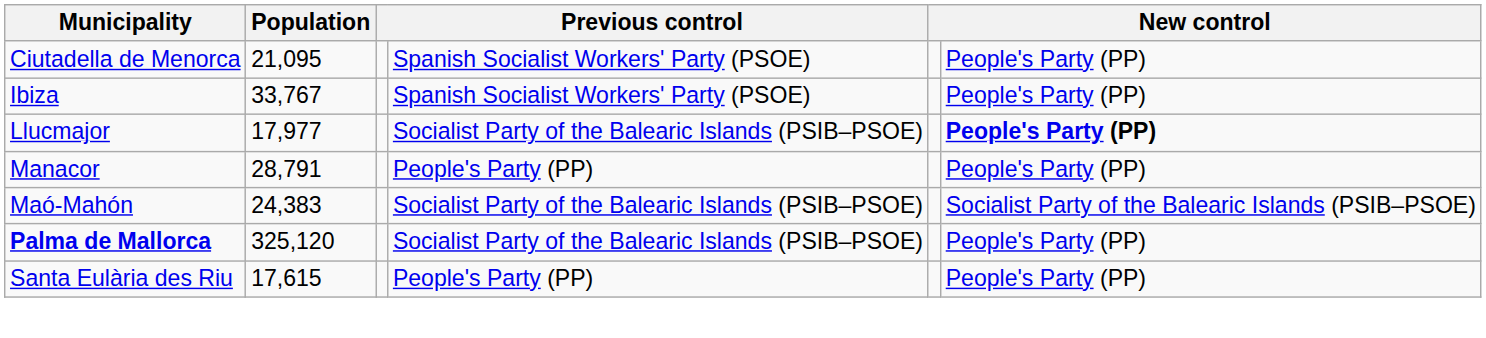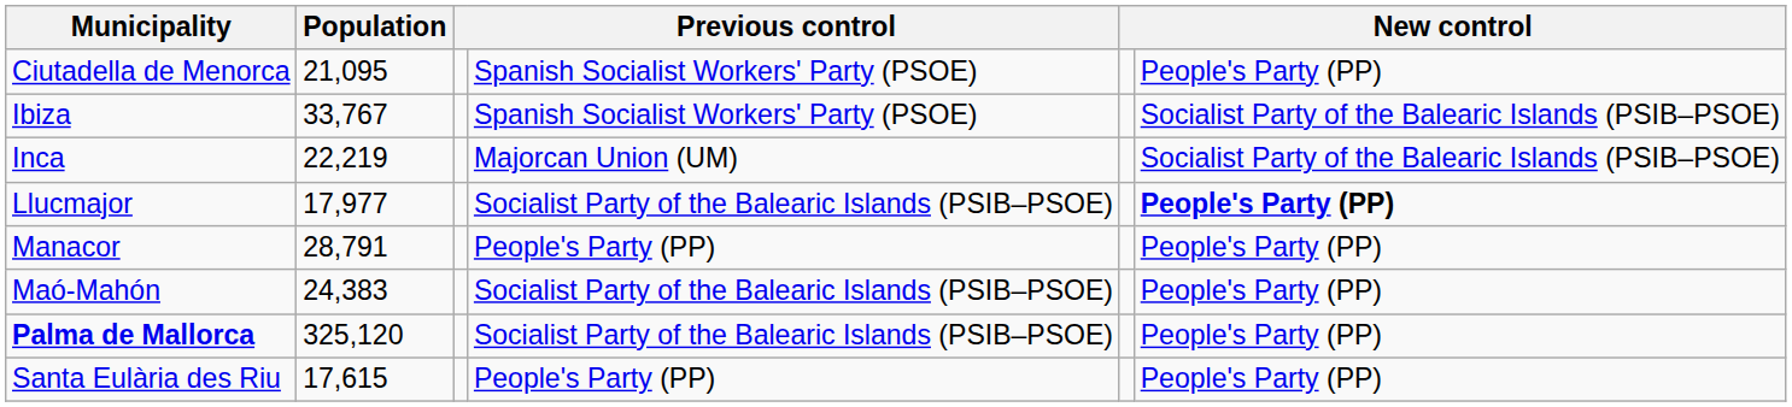 <table class="wikitable sortable">
 <tr>
 <th>Municipality</th>
 <th>Population</th>
 <th colspan="2" style="width:375px;">Previous control</th>
 <th colspan="2" style="width:375px;">New control</th>
 </tr>
 <tr>
 <td><a href='#'>Ciutadella de Menorca</a></td>
 <td>21,095</td>
 <td width="1" style="color:inherit;background:"></td>
 <td><a href='#'>Spanish Socialist Workers' Party</a> (PSOE)</td>
 <td width="1" style="color:inherit;background:"></td>
 <td><a href='#'>People's Party</a> (PP)</td>
 </tr>
 <tr>
 <td><a href='#'>Ibiza</a></td>
 <td>33,767</td>
 <td style="color:inherit;background:"></td>
 <td><a href='#'>Spanish Socialist Workers' Party</a> (PSOE)</td>
 <td style="color:inherit;background:"></td>
-<td><a href='#'>People's Party</a> (PP)</td>
+<td><a href='#'>Socialist Party of the Balearic Islands</a> (PSIB–PSOE)</td>
+</tr>
+<tr>
+<td><a href='#'>Inca</a></td>
+<td>22,219</td>
+<td style="color:inherit;background:"></td>
+<td><a href='#'>Majorcan Union</a> (UM)</td>
+<td style="color:inherit;background:"></td>
+<td><a href='#'>Socialist Party of the Balearic Islands</a> (PSIB–PSOE)</td>
 </tr>
 <tr>
 <td><a href='#'>Llucmajor</a></td>
 <td>17,977</td>
 <td style="color:inherit;background:"></td>
 <td><a href='#'>Socialist Party of the Balearic Islands</a> (PSIB–PSOE)</td>
 <td style="color:inherit;background:"></td>
 <td><strong><a href='#'>People's Party</a> (PP)</strong></td>
 </tr>
 <tr>
 <td><a href='#'>Manacor</a></td>
 <td>28,791</td>
 <td style="color:inherit;background:"></td>
 <td><a href='#'>People's Party</a> (PP)</td>
 <td style="color:inherit;background:"></td>
 <td><a href='#'>People's Party</a> (PP)</td>
 </tr>
 <tr>
 <td><a href='#'>Maó-Mahón</a></td>
 <td>24,383</td>
 <td style="color:inherit;background:"></td>
 <td><a href='#'>Socialist Party of the Balearic Islands</a> (PSIB–PSOE)</td>
 <td style="color:inherit;background:"></td>
-<td><a href='#'>Socialist Party of the Balearic Islands</a> (PSIB–PSOE)</td>
+<td><a href='#'>People's Party</a> (PP)</td>
 </tr>
 <tr>
 <td><strong><a href='#'>Palma de Mallorca</a></strong></td>
 <td>325,120</td>
 <td style="color:inherit;background:"></td>
 <td><a href='#'>Socialist Party of the Balearic Islands</a> (PSIB–PSOE)</td>
 <td style="color:inherit;background:"></td>
 <td><a href='#'>People's Party</a> (PP)</td>
 </tr>
 <tr>
 <td><a href='#'>Santa Eulària des Riu</a></td>
 <td>17,615</td>
 <td style="color:inherit;background:"></td>
 <td><a href='#'>People's Party</a> (PP)</td>
 <td style="color:inherit;background:"></td>
 <td><a href='#'>People's Party</a> (PP)</td>
 </tr>
 </table>
